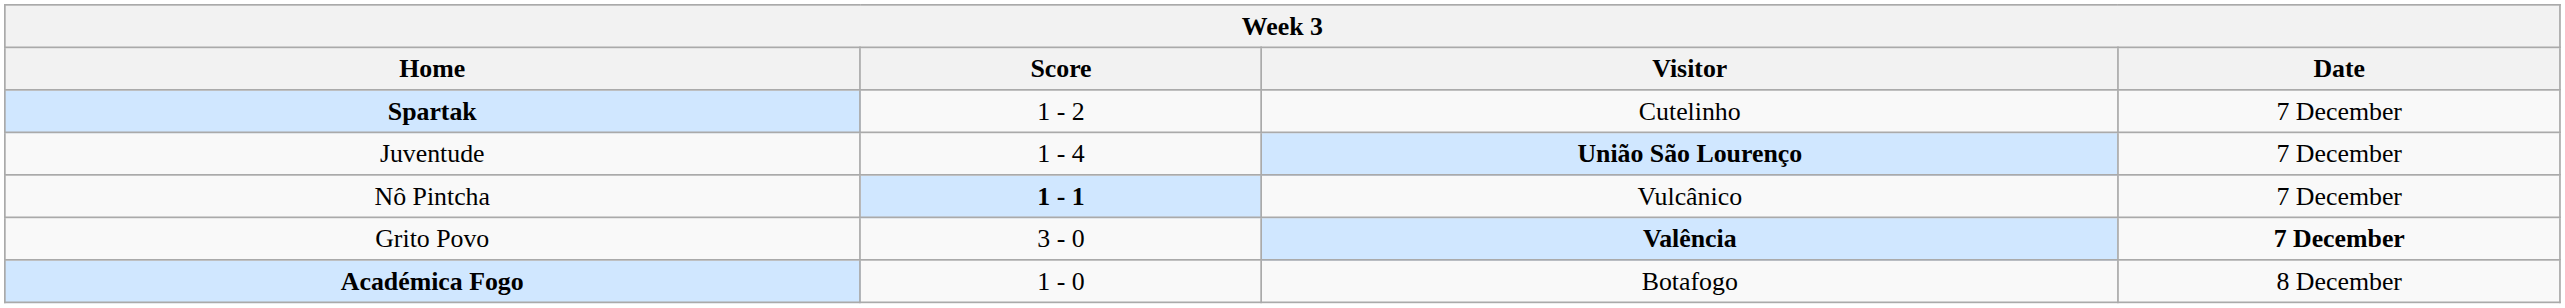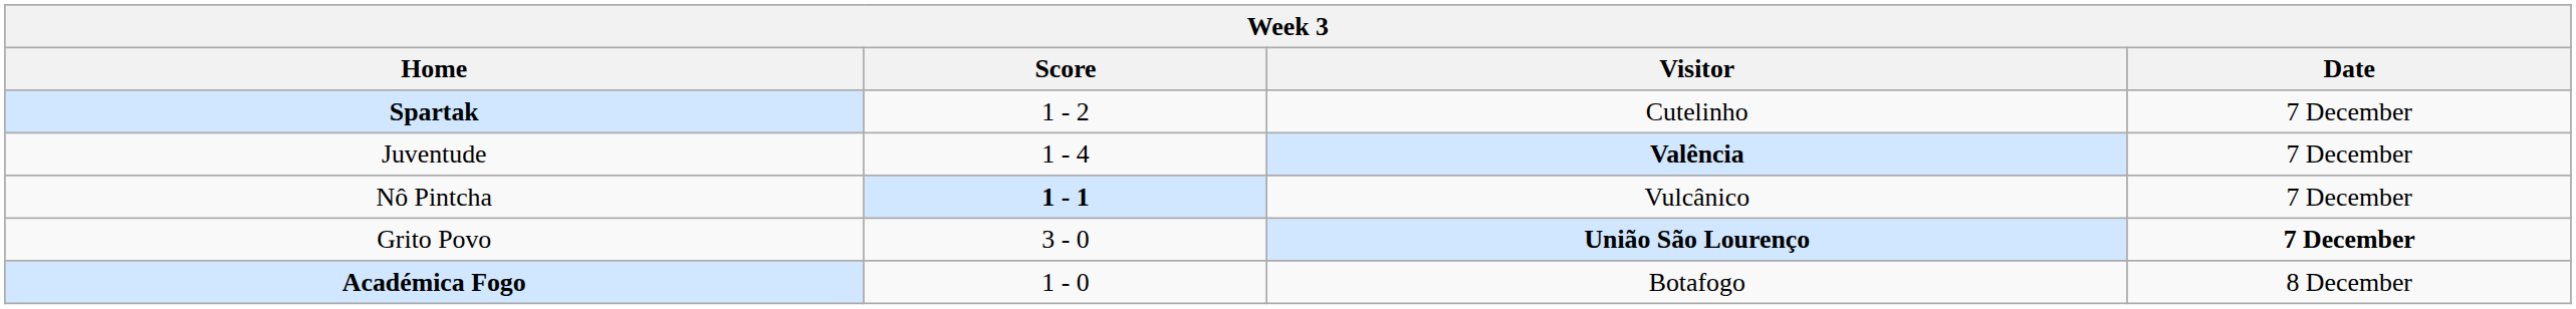 <table class="wikitable" style="margin:1em auto; font-size:95%; text-align: center; width: 95%;">
 <tr>
 <th colspan="12"  style="with:100%; text-align:center;">Week 3</th>
 </tr>
 <tr>
 <th style="width:200px;">Home</th>
 <th width="90">Score</th>
 <th style="width:200px;">Visitor</th>
 <th style="width:100px;">Date</th>
 </tr>
 <tr align=center>
 <td style="background:#d0e7ff;"><strong>Spartak</strong></td>
 <td>1 - 2</td>
 <td>Cutelinho</td>
 <td>7 December</td>
 </tr>
 <tr align=center>
 <td>Juventude</td>
 <td>1 - 4</td>
-<td style="background:#d0e7ff;"><strong>União São Lourenço</strong></td>
+<td style="background:#d0e7ff;"><strong>Valência</strong></td>
 <td>7 December</td>
 </tr>
 <tr align=center>
 <td>Nô Pintcha</td>
 <td style="background:#d0e7ff;"><strong>1 - 1</strong></td>
 <td>Vulcânico</td>
 <td>7 December</td>
 </tr>
 <tr align=center>
 <td>Grito Povo</td>
 <td>3 - 0</td>
-<td style="background:#d0e7ff;"><strong>Valência</strong></td>
+<td style="background:#d0e7ff;"><strong>União São Lourenço</strong></td>
 <td><strong>7 December</strong></td>
 </tr>
 <tr align=center>
 <td style="background:#d0e7ff;"><strong>Académica Fogo</strong></td>
 <td>1 - 0</td>
 <td>Botafogo</td>
 <td>8 December</td>
 </tr>
 </table>
